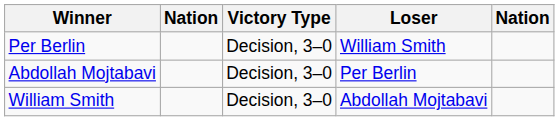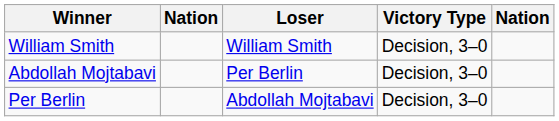 <table class="wikitable sortable" style="text-align:left;">
 <tr>
 <th>Winner</th>
 <th>Nation</th>
+<th>Loser</th>
 <th>Victory Type</th>
-<th>Loser</th>
 <th>Nation</th>
 </tr>
 <tr>
-<td><a href='#'>Per Berlin</a></td>
+<td><a href='#'>William Smith</a></td>
 <td></td>
+<td><a href='#'>William Smith</a></td>
 <td>Decision, 3–0</td>
-<td><a href='#'>William Smith</a></td>
 <td></td>
 </tr>
 <tr>
 <td><a href='#'>Abdollah Mojtabavi</a></td>
 <td></td>
+<td><a href='#'>Per Berlin</a></td>
 <td>Decision, 3–0</td>
-<td><a href='#'>Per Berlin</a></td>
 <td></td>
 </tr>
 <tr>
-<td><a href='#'>William Smith</a></td>
+<td><a href='#'>Per Berlin</a></td>
 <td></td>
+<td><a href='#'>Abdollah Mojtabavi</a></td>
 <td>Decision, 3–0</td>
-<td><a href='#'>Abdollah Mojtabavi</a></td>
 <td></td>
 </tr>
 </table>
